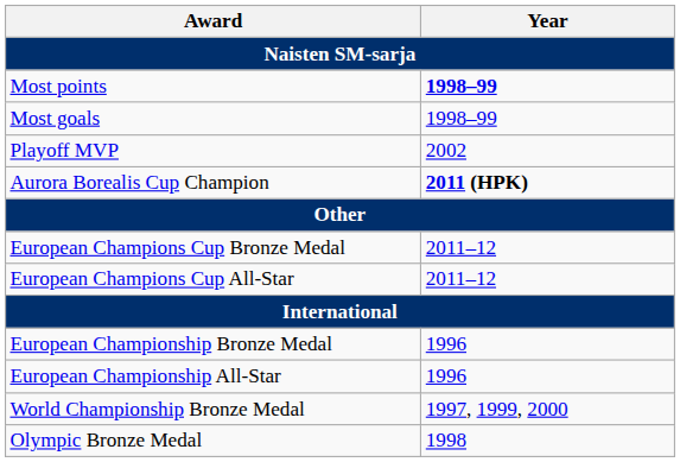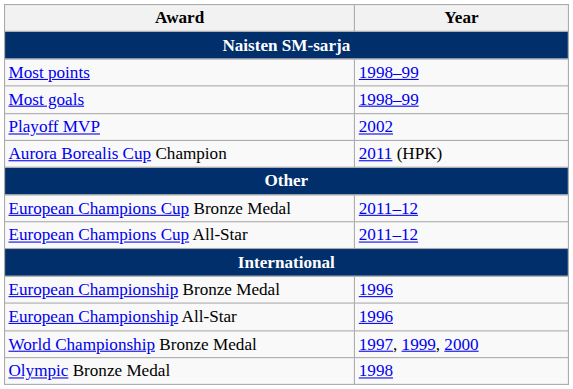 <table class="wikitable">
 <tr>
 <th scope="col" style="width:20em">Award</th>
 <th scope="col" style="width:12em">Year</th>
 </tr>
 <tr>
 <th colspan="2" style="text-align:center; color:white; background:#002f6c"><strong>Naisten SM-sarja</strong></th>
 </tr>
 <tr>
 <td><a href='#'>Most points</a></td>
-<td><strong><a href='#'>1998–99</a></strong></td>
+<td><a href='#'>1998–99</a></td>
 </tr>
 <tr>
 <td><a href='#'>Most goals</a></td>
 <td><a href='#'>1998–99</a></td>
 </tr>
 <tr>
 <td><a href='#'>Playoff MVP</a></td>
 <td><a href='#'>2002</a></td>
 </tr>
 <tr>
 <td><a href='#'>Aurora Borealis Cup</a> Champion</td>
-<td><strong><a href='#'>2011</a> (HPK)</strong></td>
+<td><a href='#'>2011</a> (HPK)</td>
 </tr>
 <tr>
 <th colspan="2" style="text-align:center; color:white; background:#002f6c">Other</th>
 </tr>
 <tr>
 <td><a href='#'>European Champions Cup</a> Bronze Medal</td>
 <td><a href='#'>2011–12</a></td>
 </tr>
 <tr>
 <td><a href='#'>European Champions Cup</a> All-Star</td>
 <td><a href='#'>2011–12</a></td>
 </tr>
 <tr>
 <th colspan="2" style="text-align:center; color:white; background:#002f6c">International</th>
 </tr>
 <tr>
 <td><a href='#'>European Championship</a> Bronze Medal</td>
 <td><a href='#'>1996</a></td>
 </tr>
 <tr>
 <td><a href='#'>European Championship</a> All-Star</td>
 <td><a href='#'>1996</a></td>
 </tr>
 <tr>
 <td><a href='#'>World Championship</a> Bronze Medal</td>
 <td><a href='#'>1997</a>, <a href='#'>1999</a>, <a href='#'>2000</a></td>
 </tr>
 <tr>
 <td><a href='#'>Olympic</a> Bronze Medal</td>
 <td><a href='#'>1998</a></td>
 </tr>
 </table>
